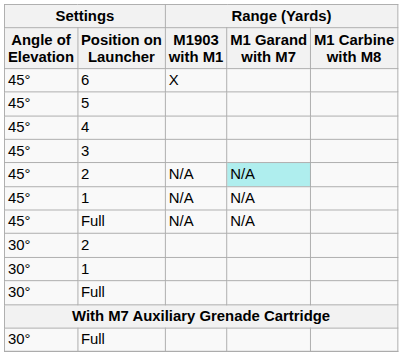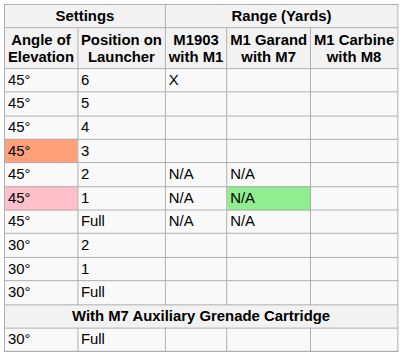 <table class="wikitable">
 <tr>
 <th colspan=2>Settings</th>
 <th colspan=3>Range (Yards)</th>
 </tr>
 <tr>
 <th>Angle of<br>Elevation</th>
 <th>Position on<br> Launcher</th>
 <th>M1903<br>with M1</th>
 <th>M1 Garand<br>with M7</th>
 <th>M1 Carbine<br>with M8</th>
 </tr>
 <tr>
 <td>45°</td>
 <td>6</td>
 <td>X</td>
 <td></td>
 <td></td>
 </tr>
 <tr>
 <td>45°</td>
 <td>5</td>
 <td></td>
 <td></td>
 <td></td>
 </tr>
 <tr>
 <td>45°</td>
 <td>4</td>
 <td></td>
 <td></td>
 </tr>
 <tr>
-<td>45°</td>
+<td style="background: lightsalmon;">45°</td>
 <td>3</td>
 <td></td>
 <td></td>
 <td></td>
 </tr>
 <tr>
 <td>45°</td>
 <td>2</td>
 <td>N/A</td>
-<td style="background: paleturquoise;">N/A</td>
+<td>N/A</td>
 <td></td>
 </tr>
 <tr>
-<td>45°</td>
+<td style="background: pink;">45°</td>
 <td>1</td>
 <td>N/A</td>
-<td>N/A</td>
+<td style="background: lightgreen;">N/A</td>
 <td></td>
 </tr>
 <tr>
 <td>45°</td>
 <td>Full</td>
 <td>N/A</td>
 <td>N/A</td>
 <td></td>
 </tr>
 <tr>
 <td>30°</td>
 <td>2</td>
 <td></td>
 <td></td>
 <td></td>
 </tr>
 <tr>
 <td>30°</td>
 <td>1</td>
 <td></td>
 <td></td>
 <td></td>
 </tr>
 <tr>
 <td>30°</td>
 <td>Full</td>
 <td></td>
 <td></td>
 <td></td>
 </tr>
 <tr>
 <th colspan=5>With M7 Auxiliary Grenade Cartridge</th>
 </tr>
 <tr>
 <td>30°</td>
 <td>Full</td>
 <td></td>
 <td></td>
 <td></td>
 </tr>
 <tr>
 </tr>
 </table>
